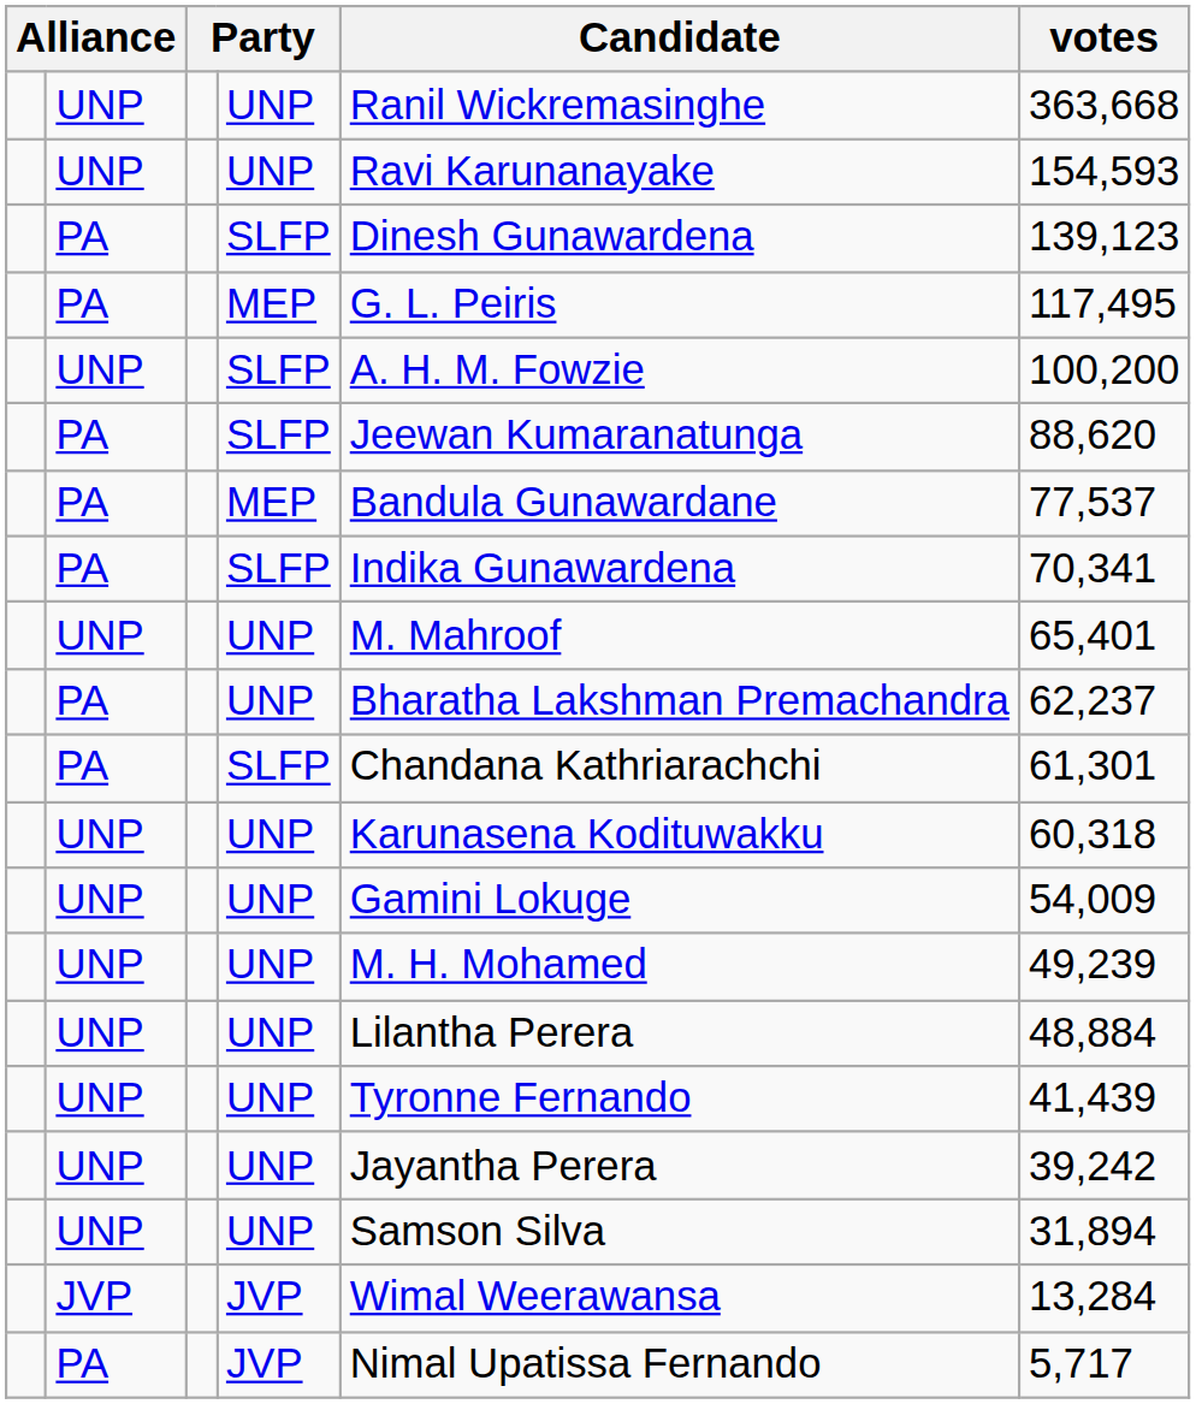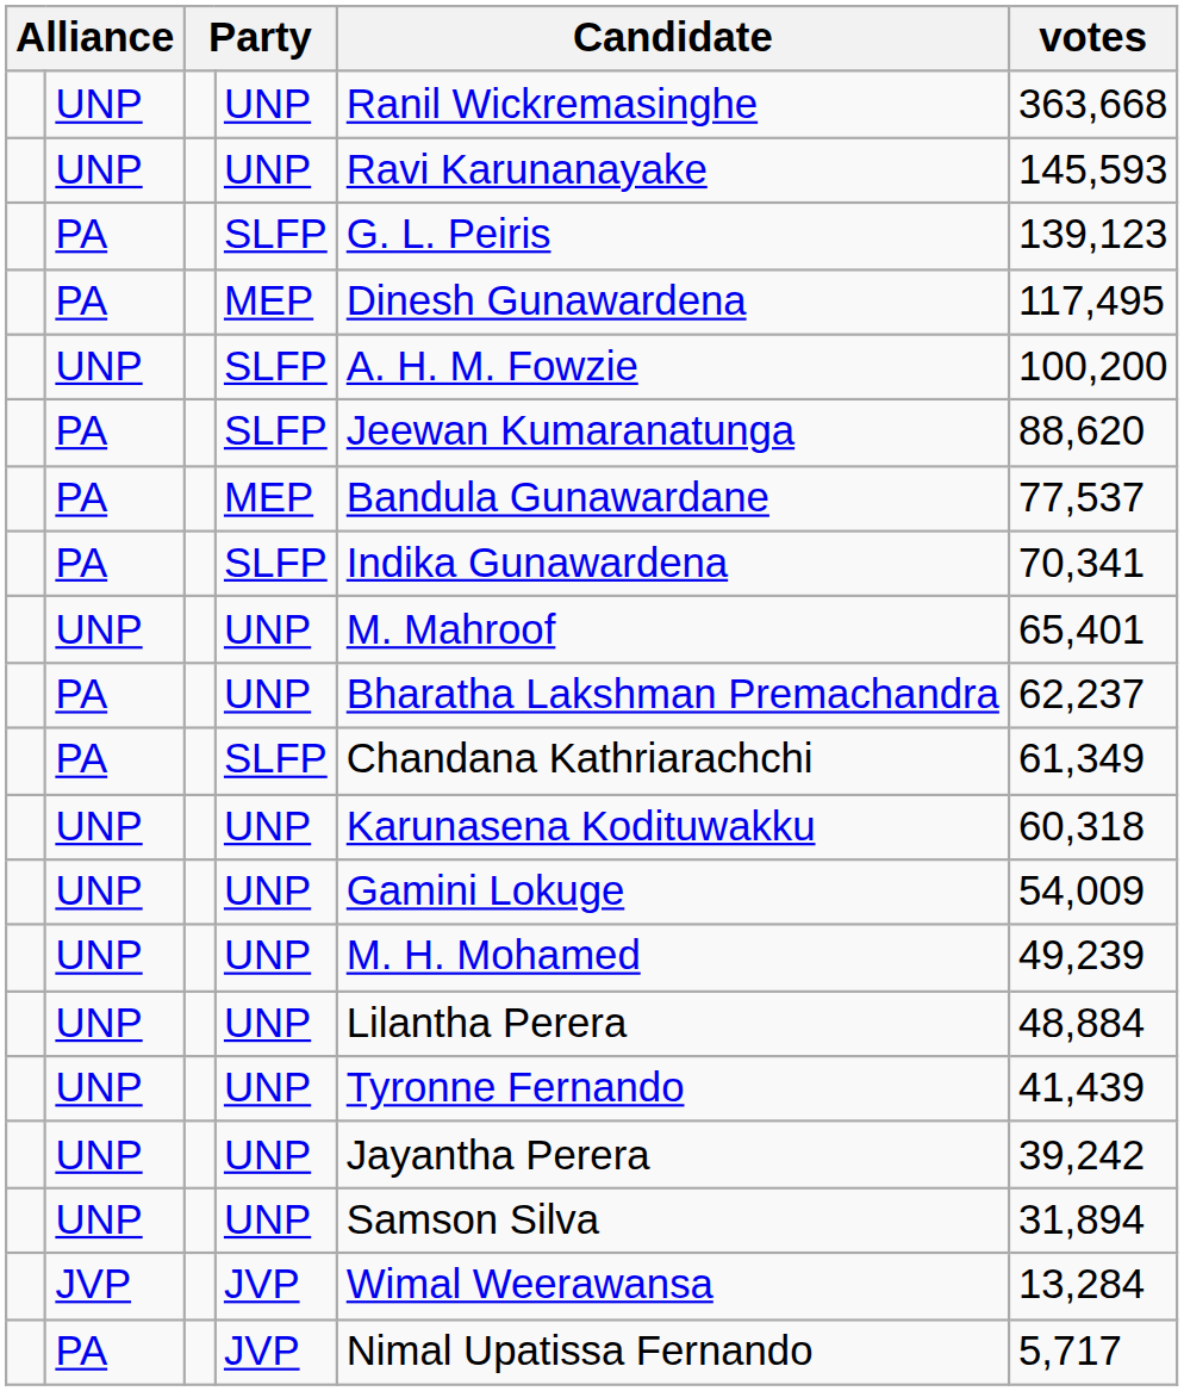 <table class="wikitable sortable mw-collapsible">
 <tr>
 <th colspan="2">Alliance</th>
 <th colspan="2">Party</th>
 <th>Candidate</th>
 <th>votes</th>
 </tr>
 <tr>
 <td bgcolor=> </td>
 <td align=left><a href='#'>UNP</a></td>
 <td bgcolor=> </td>
 <td align=left><a href='#'>UNP</a></td>
 <td><a href='#'>Ranil Wickremasinghe</a></td>
 <td>363,668</td>
 </tr>
 <tr>
 <td bgcolor=> </td>
 <td align=left><a href='#'>UNP</a></td>
 <td bgcolor=> </td>
 <td align=left><a href='#'>UNP</a></td>
 <td><a href='#'>Ravi Karunanayake</a></td>
-<td>154,593</td>
+<td>145,593</td>
 </tr>
 <tr>
 <td bgcolor=> </td>
 <td align=left><a href='#'>PA</a></td>
 <td bgcolor=> </td>
 <td align=left><a href='#'>SLFP</a></td>
-<td><a href='#'>Dinesh Gunawardena</a></td>
+<td><a href='#'>G. L. Peiris</a></td>
 <td>139,123</td>
 </tr>
 <tr>
 <td bgcolor=> </td>
 <td align=left><a href='#'>PA</a></td>
 <td bgcolor=> </td>
 <td align=left><a href='#'>MEP</a></td>
-<td><a href='#'>G. L. Peiris</a></td>
+<td><a href='#'>Dinesh Gunawardena</a></td>
 <td>117,495</td>
 </tr>
 <tr>
 <td bgcolor=> </td>
 <td align=left><a href='#'>UNP</a></td>
 <td bgcolor=> </td>
 <td align=left><a href='#'>SLFP</a></td>
 <td><a href='#'>A. H. M. Fowzie</a></td>
 <td>100,200</td>
 </tr>
 <tr>
 <td bgcolor=> </td>
 <td align=left><a href='#'>PA</a></td>
 <td bgcolor=> </td>
 <td align=left><a href='#'>SLFP</a></td>
 <td><a href='#'>Jeewan Kumaranatunga</a></td>
 <td>88,620</td>
 </tr>
 <tr>
 <td bgcolor=> </td>
 <td align=left><a href='#'>PA</a></td>
 <td bgcolor=> </td>
 <td align=left><a href='#'>MEP</a></td>
 <td><a href='#'>Bandula Gunawardane</a></td>
 <td>77,537</td>
 </tr>
 <tr>
 <td bgcolor=> </td>
 <td align=left><a href='#'>PA</a></td>
 <td bgcolor=> </td>
 <td align=left><a href='#'>SLFP</a></td>
 <td><a href='#'>Indika Gunawardena</a></td>
 <td>70,341</td>
 </tr>
 <tr>
 <td bgcolor=> </td>
 <td align=left><a href='#'>UNP</a></td>
 <td bgcolor=> </td>
 <td align=left><a href='#'>UNP</a></td>
 <td><a href='#'>M. Mahroof</a></td>
 <td>65,401</td>
 </tr>
 <tr>
 <td bgcolor=> </td>
 <td align=left><a href='#'>PA</a></td>
 <td bgcolor=> </td>
 <td align=left><a href='#'>UNP</a></td>
 <td><a href='#'>Bharatha Lakshman Premachandra</a></td>
 <td>62,237</td>
 </tr>
 <tr>
 <td bgcolor=> </td>
 <td align=left><a href='#'>PA</a></td>
 <td bgcolor=> </td>
 <td align=left><a href='#'>SLFP</a></td>
 <td>Chandana Kathriarachchi</td>
-<td>61,301</td>
+<td>61,349</td>
 </tr>
 <tr>
 <td bgcolor=> </td>
 <td align=left><a href='#'>UNP</a></td>
 <td bgcolor=> </td>
 <td align=left><a href='#'>UNP</a></td>
 <td><a href='#'>Karunasena Kodituwakku</a></td>
 <td>60,318</td>
 </tr>
 <tr>
 <td bgcolor=> </td>
 <td align=left><a href='#'>UNP</a></td>
 <td bgcolor=> </td>
 <td align=left><a href='#'>UNP</a></td>
 <td><a href='#'>Gamini Lokuge</a></td>
 <td>54,009</td>
 </tr>
 <tr>
 <td bgcolor=> </td>
 <td align=left><a href='#'>UNP</a></td>
 <td bgcolor=> </td>
 <td align=left><a href='#'>UNP</a></td>
 <td><a href='#'>M. H. Mohamed</a></td>
 <td>49,239</td>
 </tr>
 <tr>
 <td bgcolor=> </td>
 <td align=left><a href='#'>UNP</a></td>
 <td bgcolor=> </td>
 <td align=left><a href='#'>UNP</a></td>
 <td>Lilantha Perera</td>
 <td>48,884</td>
 </tr>
 <tr>
 <td bgcolor=> </td>
 <td align=left><a href='#'>UNP</a></td>
 <td bgcolor=> </td>
 <td align=left><a href='#'>UNP</a></td>
 <td><a href='#'>Tyronne Fernando</a></td>
 <td>41,439</td>
 </tr>
 <tr>
 <td bgcolor=> </td>
 <td align=left><a href='#'>UNP</a></td>
 <td bgcolor=> </td>
 <td align=left><a href='#'>UNP</a></td>
 <td>Jayantha Perera</td>
 <td>39,242</td>
 </tr>
 <tr>
 <td bgcolor=> </td>
 <td align=left><a href='#'>UNP</a></td>
 <td bgcolor=> </td>
 <td align=left><a href='#'>UNP</a></td>
 <td>Samson Silva</td>
 <td>31,894</td>
 </tr>
 <tr>
 <td bgcolor=> </td>
 <td align=left><a href='#'>JVP</a></td>
 <td bgcolor=> </td>
 <td align=left><a href='#'>JVP</a></td>
 <td><a href='#'>Wimal Weerawansa</a></td>
 <td>13,284</td>
 </tr>
 <tr>
 <td bgcolor=> </td>
 <td align=left><a href='#'>PA</a></td>
 <td bgcolor=> </td>
 <td align=left><a href='#'>JVP</a></td>
 <td>Nimal Upatissa Fernando</td>
 <td>5,717</td>
 </tr>
 </table>
